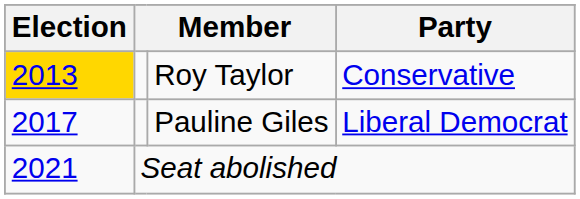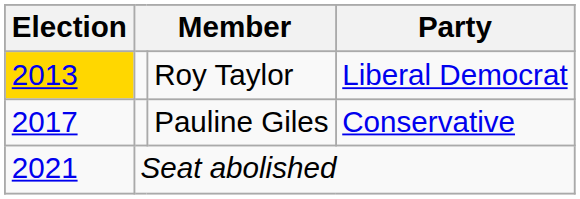 <table class="wikitable">
 <tr>
 <th>Election</th>
 <th colspan="2">Member</th>
 <th>Party</th>
 </tr>
 <tr>
 <td style="background: gold;"><a href='#'>2013</a></td>
 <td rowspan="1" style="background-color: "></td>
 <td rowspan="1">Roy Taylor</td>
-<td rowspan="1"><a href='#'>Conservative</a></td>
+<td rowspan="1"><a href='#'>Liberal Democrat</a></td>
 </tr>
 <tr>
 <td><a href='#'>2017</a></td>
 <td rowspan="1" style="background-color: "></td>
 <td rowspan="1">Pauline Giles</td>
-<td rowspan="1"><a href='#'>Liberal Democrat</a></td>
+<td rowspan="1"><a href='#'>Conservative</a></td>
 </tr>
 <tr>
 <td><a href='#'>2021</a></td>
 <td colspan="3"><em>Seat abolished</em></td>
 </tr>
 </table>
